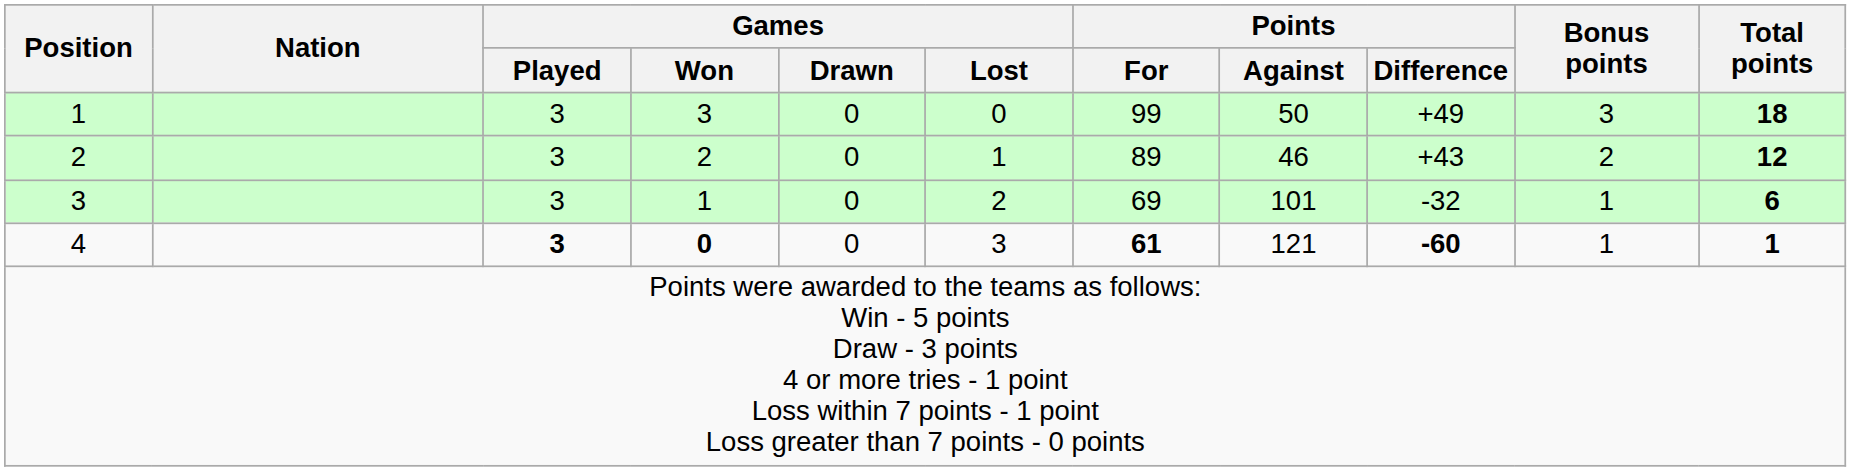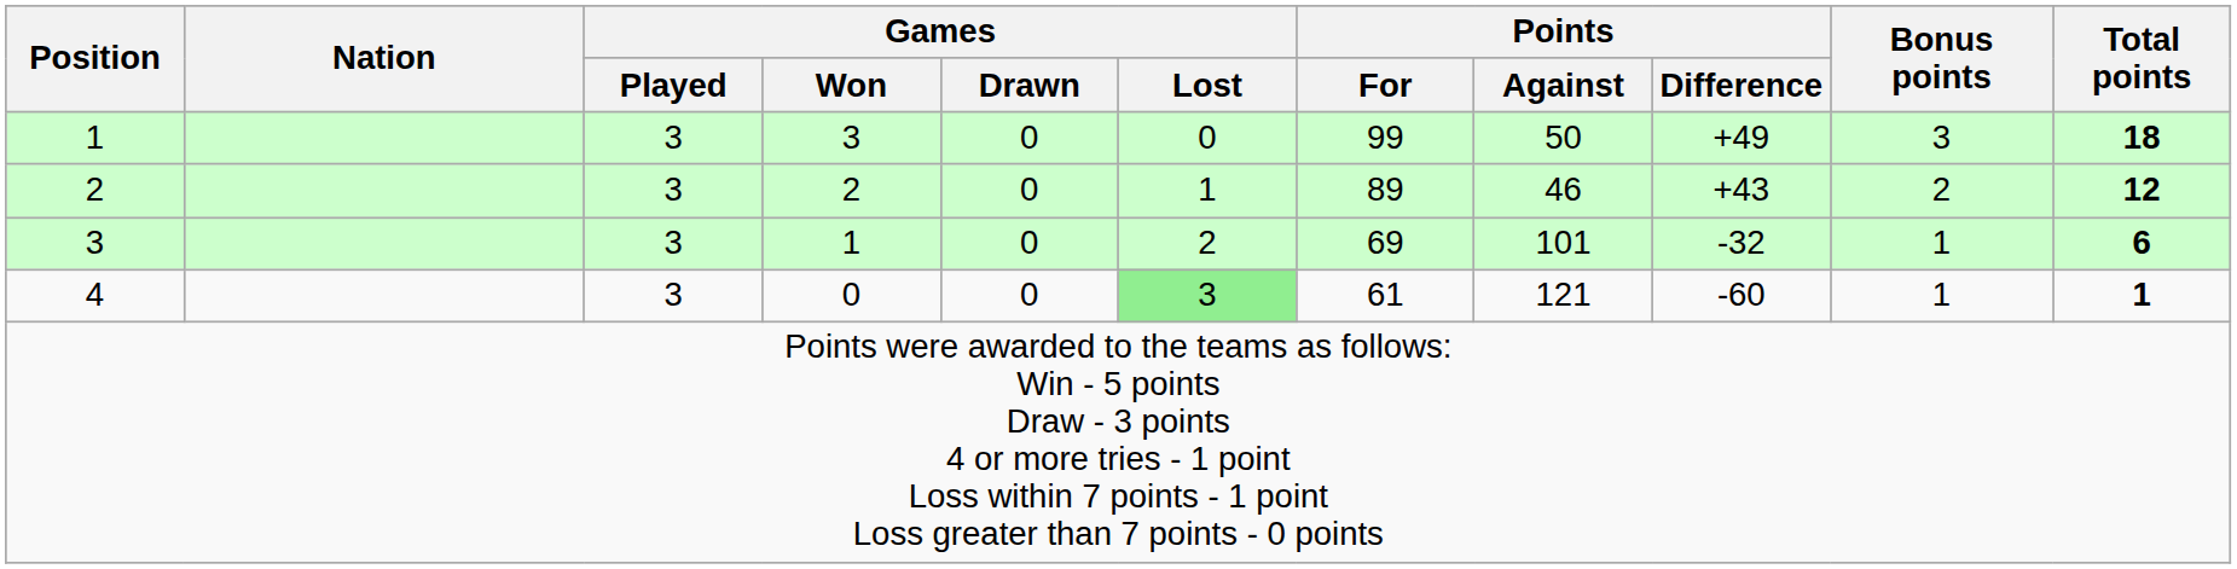 <table class="wikitable" style="text-align:center">
 <tr>
 <th rowspan="2" style="width:8%;">Position</th>
 <th rowspan="2" style="width:18%;">Nation</th>
 <th colspan="4" style="width:32%;">Games</th>
 <th colspan="3" style="width:32%;">Points</th>
 <th rowspan="2" style="width:10%;">Bonus<br>points</th>
 <th rowspan="2" style="width:10%;">Total<br>points</th>
 </tr>
 <tr>
 <th style="width:8%;">Played</th>
 <th style="width:8%;">Won</th>
 <th style="width:8%;">Drawn</th>
 <th style="width:8%;">Lost</th>
 <th style="width:8%;">For</th>
 <th style="width:8%;">Against</th>
 <th style="width:8%;">Difference</th>
 </tr>
 <tr bgcolor="#ccffcc">
 <td>1</td>
 <td align="left"></td>
 <td>3</td>
 <td>3</td>
 <td>0</td>
 <td>0</td>
 <td>99</td>
 <td>50</td>
 <td>+49</td>
 <td>3</td>
 <td><strong>18</strong></td>
 </tr>
 <tr bgcolor="#ccffcc">
 <td>2</td>
 <td align="left"></td>
 <td>3</td>
 <td>2</td>
 <td>0</td>
 <td>1</td>
 <td>89</td>
 <td>46</td>
 <td>+43</td>
 <td>2</td>
 <td><strong>12</strong></td>
 </tr>
 <tr bgcolor="#ccffcc">
 <td>3</td>
 <td align="left"></td>
 <td>3</td>
 <td>1</td>
 <td>0</td>
 <td>2</td>
 <td>69</td>
 <td>101</td>
 <td>-32</td>
 <td>1</td>
 <td><strong>6</strong></td>
 </tr>
 <tr>
 <td>4</td>
 <td align="left"></td>
-<td><strong>3</strong></td>
-<td><strong>0</strong></td>
+<td>3</td>
 <td>0</td>
-<td>3</td>
-<td><strong>61</strong></td>
+<td>0</td>
+<td style="background: lightgreen;">3</td>
+<td>61</td>
 <td>121</td>
-<td><strong>-60</strong></td>
+<td>-60</td>
 <td>1</td>
 <td><strong>1</strong></td>
 </tr>
 <tr>
 <td colspan="100%" style="text-align:center;">Points were awarded to the teams as follows:<br>Win - 5 points<br>Draw - 3 points<br> 4 or more tries - 1 point<br> Loss within 7 points - 1 point<br>Loss greater than 7 points - 0 points</td>
 </tr>
 </table>
